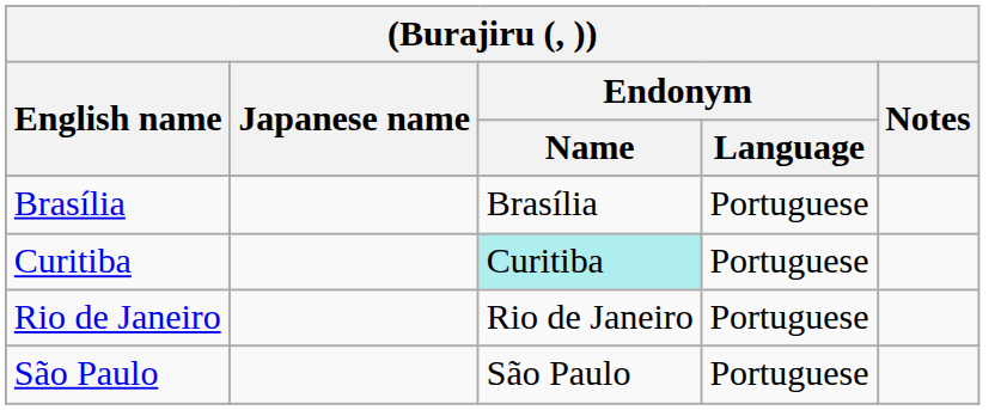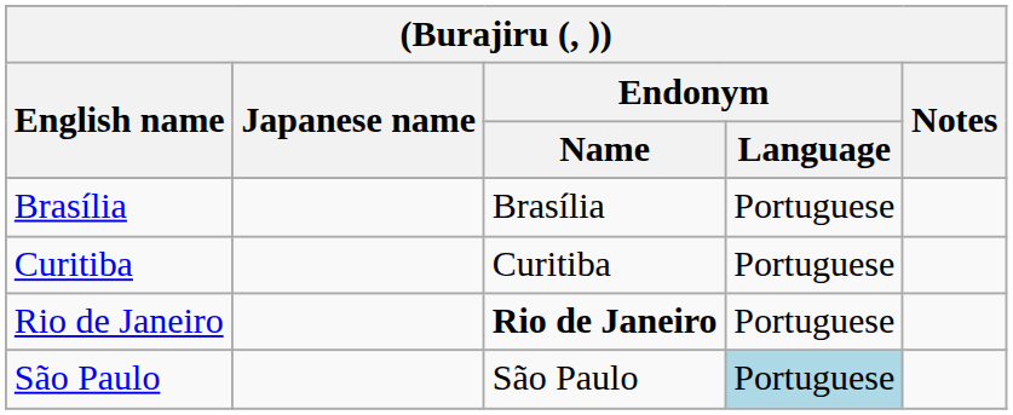 <table class="wikitable sortable">
 <tr>
 <th colspan="5"> (Burajiru (, ))</th>
 </tr>
 <tr>
 <th rowspan="2">English name</th>
 <th rowspan="2">Japanese name</th>
 <th colspan="2">Endonym</th>
 <th rowspan="2">Notes</th>
 </tr>
 <tr>
 <th>Name</th>
 <th>Language</th>
 </tr>
 <tr>
 <td><a href='#'>Brasília</a></td>
 <td></td>
 <td>Brasília</td>
 <td>Portuguese</td>
 <td></td>
 </tr>
 <tr>
 <td><a href='#'>Curitiba</a></td>
 <td></td>
-<td style="background: paleturquoise;">Curitiba</td>
+<td>Curitiba</td>
 <td>Portuguese</td>
 <td></td>
 </tr>
 <tr>
 <td><a href='#'>Rio de Janeiro</a></td>
 <td></td>
-<td>Rio de Janeiro</td>
+<td><strong>Rio de Janeiro</strong></td>
 <td>Portuguese</td>
 <td></td>
 </tr>
 <tr>
 <td><a href='#'>São Paulo</a></td>
 <td></td>
 <td>São Paulo</td>
-<td>Portuguese</td>
+<td style="background: lightblue;">Portuguese</td>
 <td></td>
 </tr>
 </table>
